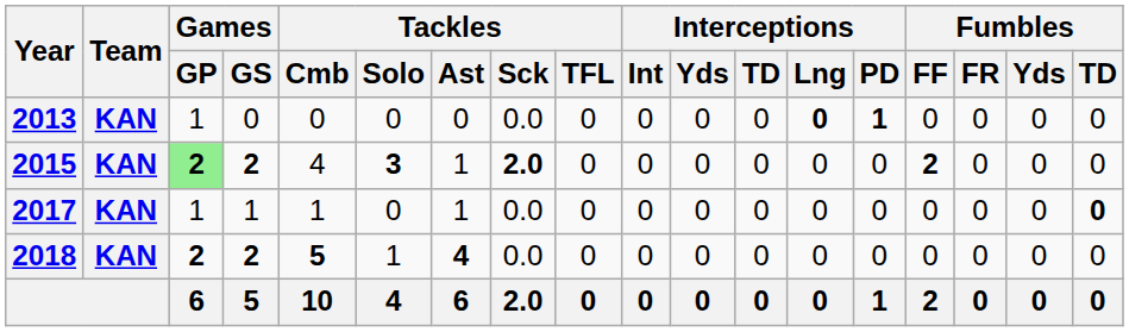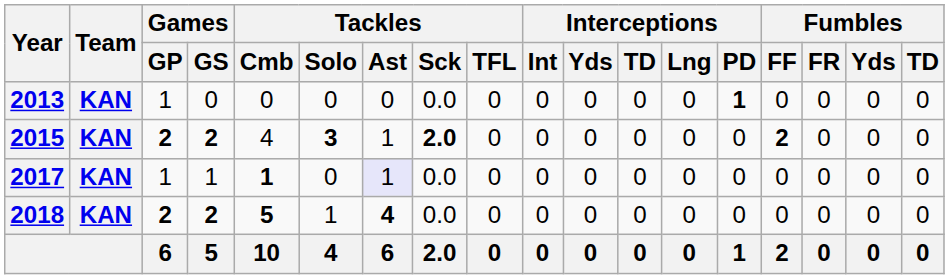 <table class="wikitable" style="text-align:center">
 <tr>
 <th rowspan="2">Year</th>
 <th rowspan="2">Team</th>
 <th colspan="2">Games</th>
 <th colspan="5">Tackles</th>
 <th colspan="5">Interceptions</th>
 <th colspan="4">Fumbles</th>
 </tr>
 <tr>
 <th>GP</th>
 <th>GS</th>
 <th>Cmb</th>
 <th>Solo</th>
 <th>Ast</th>
 <th>Sck</th>
 <th>TFL</th>
 <th>Int</th>
 <th>Yds</th>
 <th>TD</th>
 <th>Lng</th>
 <th>PD</th>
 <th>FF</th>
 <th>FR</th>
 <th>Yds</th>
 <th>TD</th>
 </tr>
 <tr>
 <th><a href='#'>2013</a></th>
 <th><a href='#'>KAN</a></th>
 <td>1</td>
 <td>0</td>
 <td>0</td>
 <td>0</td>
 <td>0</td>
 <td>0.0</td>
 <td>0</td>
 <td>0</td>
 <td>0</td>
 <td>0</td>
-<td><strong>0</strong></td>
+<td>0</td>
 <td><strong>1</strong></td>
 <td>0</td>
 <td>0</td>
 <td>0</td>
 <td>0</td>
 </tr>
 <tr>
 <th><a href='#'>2015</a></th>
 <th><a href='#'>KAN</a></th>
-<td style="background: lightgreen;"><strong>2</strong></td>
+<td><strong>2</strong></td>
 <td><strong>2</strong></td>
 <td>4</td>
 <td><strong>3</strong></td>
 <td>1</td>
 <td><strong>2.0</strong></td>
 <td>0</td>
 <td>0</td>
 <td>0</td>
 <td>0</td>
 <td>0</td>
 <td>0</td>
 <td><strong>2</strong></td>
 <td>0</td>
 <td>0</td>
 <td>0</td>
 </tr>
 <tr>
 <th><a href='#'>2017</a></th>
 <th><a href='#'>KAN</a></th>
 <td>1</td>
 <td>1</td>
-<td>1</td>
+<td><strong>1</strong></td>
 <td>0</td>
-<td>1</td>
+<td style="background: lavender;">1</td>
 <td>0.0</td>
 <td>0</td>
 <td>0</td>
 <td>0</td>
 <td>0</td>
 <td>0</td>
 <td>0</td>
 <td>0</td>
 <td>0</td>
 <td>0</td>
-<td><strong>0</strong></td>
+<td>0</td>
 </tr>
 <tr>
 <th><a href='#'>2018</a></th>
 <th><a href='#'>KAN</a></th>
 <td><strong>2</strong></td>
 <td><strong>2</strong></td>
 <td><strong>5</strong></td>
 <td>1</td>
 <td><strong>4</strong></td>
 <td>0.0</td>
 <td>0</td>
 <td>0</td>
 <td>0</td>
 <td>0</td>
 <td>0</td>
 <td>0</td>
 <td>0</td>
 <td>0</td>
 <td>0</td>
 <td>0</td>
 </tr>
 <tr>
 <th colspan="2"></th>
 <th>6</th>
 <th>5</th>
 <th>10</th>
 <th>4</th>
 <th>6</th>
 <th>2.0</th>
 <th>0</th>
 <th>0</th>
 <th>0</th>
 <th>0</th>
 <th>0</th>
 <th>1</th>
 <th>2</th>
 <th>0</th>
 <th>0</th>
 <th>0</th>
 </tr>
 </table>
